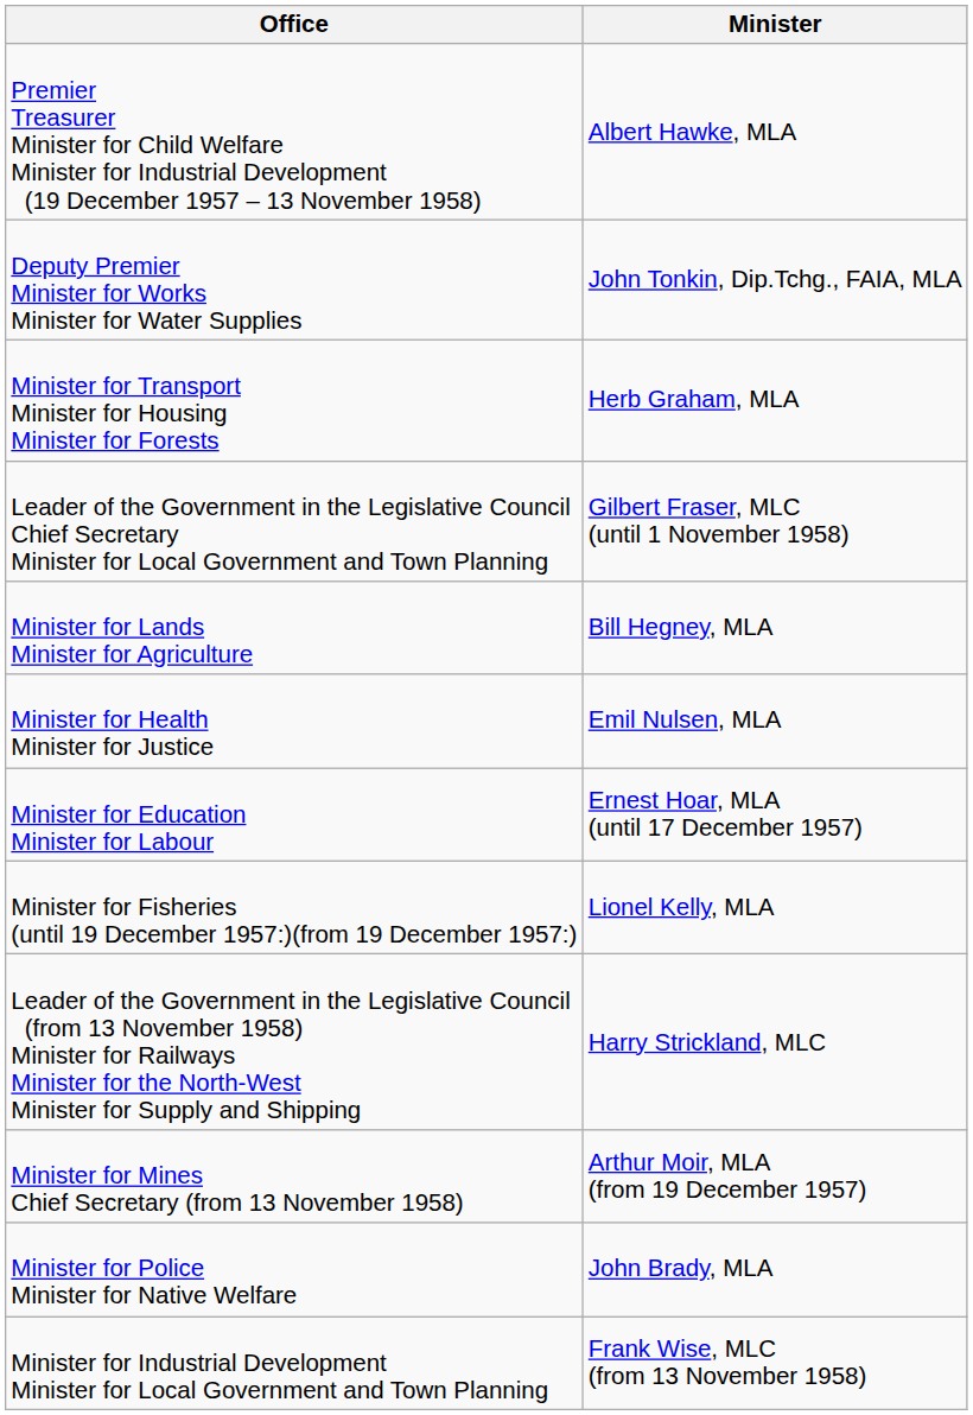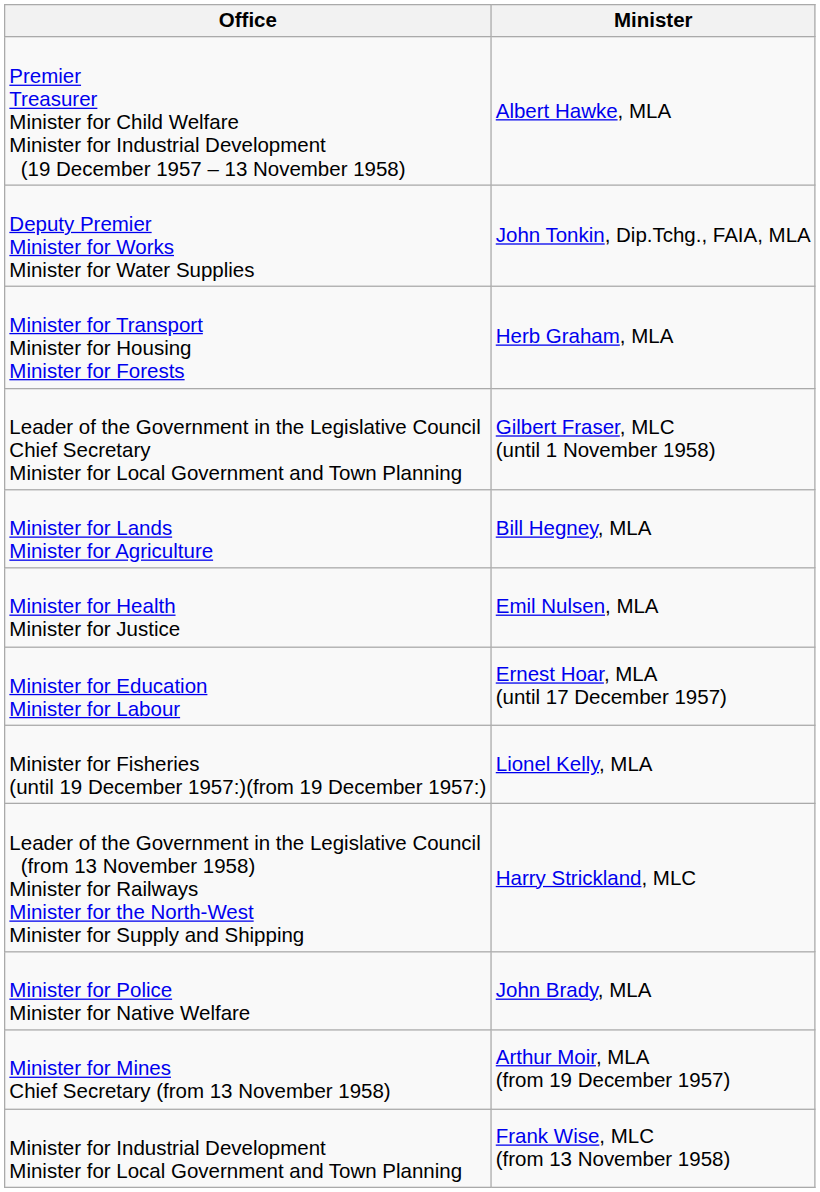 <table class="wikitable">
 <tr>
 <th>Office</th>
 <th>Minister</th>
 </tr>
 <tr>
 <td><br><a href='#'>Premier</a><br> <a href='#'>Treasurer</a><br> Minister for Child Welfare<br> Minister for Industrial Development<br>  (19 December 1957 – 13 November 1958)<br></td>
 <td><a href='#'>Albert Hawke</a>, MLA</td>
 </tr>
 <tr>
 <td><br><a href='#'>Deputy Premier</a><br> <a href='#'>Minister for Works</a><br> Minister for Water Supplies<br></td>
 <td><a href='#'>John Tonkin</a>, Dip.Tchg., FAIA, MLA</td>
 </tr>
 <tr>
 <td><br><a href='#'>Minister for Transport</a><br> Minister for Housing<br> <a href='#'>Minister for Forests</a><br></td>
 <td><a href='#'>Herb Graham</a>, MLA</td>
 </tr>
 <tr>
 <td><br>Leader of the Government in the Legislative Council<br> Chief Secretary<br> Minister for Local Government and Town Planning<br></td>
 <td><a href='#'>Gilbert Fraser</a>, MLC<br>(until 1 November 1958)</td>
 </tr>
 <tr>
 <td><br><a href='#'>Minister for Lands</a><br> <a href='#'>Minister for Agriculture</a><br></td>
 <td><a href='#'>Bill Hegney</a>, MLA</td>
 </tr>
 <tr>
 <td><br><a href='#'>Minister for Health</a><br> Minister for Justice<br></td>
 <td><a href='#'>Emil Nulsen</a>, MLA</td>
 </tr>
 <tr>
 <td><br><a href='#'>Minister for Education</a><br> <a href='#'>Minister for Labour</a><br></td>
 <td><a href='#'>Ernest Hoar</a>, MLA<br>(until 17 December 1957)</td>
 </tr>
 <tr>
 <td><br>Minister for Fisheries<br>(until 19 December 1957:)(from 19 December 1957:)</td>
 <td><a href='#'>Lionel Kelly</a>, MLA</td>
 </tr>
 <tr>
 <td><br>Leader of the Government in the Legislative Council<br>  (from 13 November 1958)<br> Minister for Railways<br> <a href='#'>Minister for the North-West</a><br> Minister for Supply and Shipping<br></td>
 <td><a href='#'>Harry Strickland</a>, MLC</td>
 </tr>
 <tr>
+<td><br><a href='#'>Minister for Police</a><br> Minister for Native Welfare<br></td>
+<td><a href='#'>John Brady</a>, MLA</td>
+</tr>
+<tr>
 <td><br><a href='#'>Minister for Mines</a><br> Chief Secretary (from 13 November 1958)<br></td>
 <td><a href='#'>Arthur Moir</a>, MLA<br>(from 19 December 1957)</td>
-</tr>
-<tr>
-<td><br><a href='#'>Minister for Police</a><br> Minister for Native Welfare<br></td>
-<td><a href='#'>John Brady</a>, MLA</td>
 </tr>
 <tr>
 <td><br>Minister for Industrial Development<br> Minister for Local Government and Town Planning<br></td>
 <td><a href='#'>Frank Wise</a>, MLC<br>(from 13 November 1958)</td>
 </tr>
 </table>
